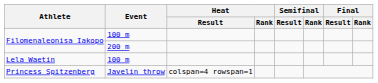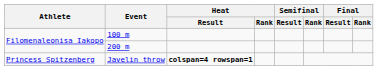 <table class="wikitable" style="font-size:90%">
 <tr>
 <th rowspan="2">Athlete</th>
 <th rowspan="2">Event</th>
 <th colspan="2">Heat</th>
 <th colspan="2">Semifinal</th>
 <th colspan="2">Final</th>
 </tr>
 <tr style="font-size:95%">
 <th>Result</th>
 <th>Rank</th>
 <th>Result</th>
 <th>Rank</th>
 <th>Result</th>
 <th>Rank</th>
 </tr>
 <tr align=center>
 <td align=left rowspan=2><a href='#'>Filomenaleonisa Iakopo</a></td>
 <td align=left><a href='#'>100 m</a></td>
 <td></td>
 <td></td>
 <td></td>
 <td></td>
 <td></td>
 <td></td>
 </tr>
 <tr align=center>
 <td align=left><a href='#'>200 m</a></td>
 <td></td>
 <td></td>
 <td></td>
 <td></td>
 <td></td>
 <td></td>
 </tr>
 <tr align=center>
-<td align=left><a href='#'>Lela Waetin</a></td>
-<td align=left><a href='#'>100 m</a></td>
-<td></td>
-<td></td>
-<td></td>
-<td></td>
-<td></td>
-<td></td>
-</tr>
-<tr align=center>
 <td align=left><a href='#'>Princess Spitzenberg</a></td>
 <td align=left><a href='#'>Javelin throw</a></td>
-<td>colspan=4 rowspan=1 </td>
+<td><strong>colspan=4 rowspan=1 </strong></td>
 <td></td>
 <td></td>
 </tr>
 </table>
